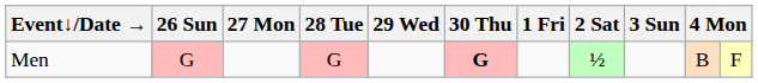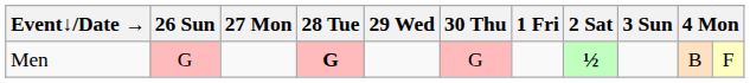 <table class="wikitable" style="margin:0.5em auto; font-size:90%; line-height:1.25em; text-align:center">
 <tr>
 <th>Event↓/Date →</th>
 <th>26 Sun</th>
 <th>27 Mon</th>
 <th>28 Tue</th>
 <th>29 Wed</th>
 <th>30 Thu</th>
 <th>1 Fri</th>
 <th>2 Sat</th>
 <th>3 Sun</th>
 <th colspan=2>4 Mon</th>
 </tr>
 <tr>
 <td style="text-align:left;">Men</td>
 <td bgcolor="#FFBBBB">G</td>
 <td></td>
+<td bgcolor="#FFBBBB"><strong>G</strong></td>
+<td></td>
 <td bgcolor="#FFBBBB">G</td>
 <td></td>
-<td bgcolor="#FFBBBB"><strong>G</strong></td>
-<td></td>
-<td bgcolor="#C0FFC0">½</td>
+<td bgcolor="#C0FFC0"><strong>½</strong></td>
 <td></td>
 <td bgcolor="#FFE0C0">B</td>
 <td bgcolor="#FFFFC0">F</td>
 </tr>
 </table>
